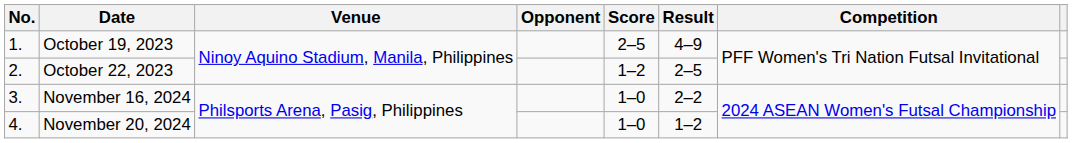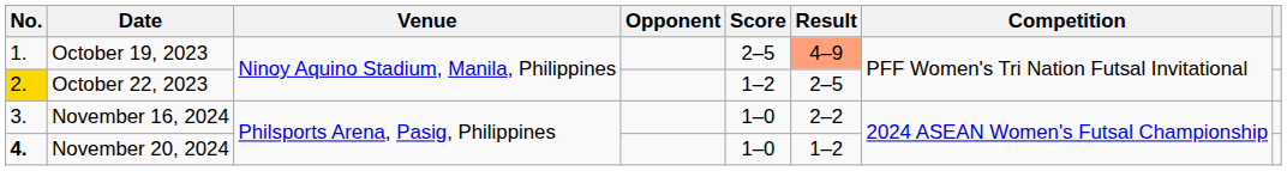 <table class="wikitable">
 <tr>
 <th>No.</th>
 <th>Date</th>
 <th>Venue</th>
 <th>Opponent</th>
 <th>Score</th>
 <th>Result</th>
 <th>Competition</th>
 <th class="unsortable"></th>
 </tr>
 <tr>
 <td>1.</td>
 <td>October 19, 2023</td>
 <td rowspan=2><a href='#'>Ninoy Aquino Stadium</a>, <a href='#'>Manila</a>, Philippines</td>
 <td></td>
 <td align=center>2–5</td>
-<td align=center>4–9</td>
+<td align=center style="background: lightsalmon;">4–9</td>
 <td rowspan=2>PFF Women's Tri Nation Futsal Invitational</td>
 <td></td>
 </tr>
 <tr>
-<td>2.</td>
+<td style="background: gold;">2.</td>
 <td>October 22, 2023</td>
 <td></td>
 <td align=center>1–2</td>
 <td align=center>2–5</td>
 <td></td>
 </tr>
 <tr>
 <td>3.</td>
 <td>November 16, 2024</td>
 <td rowspan=2><a href='#'>Philsports Arena</a>, <a href='#'>Pasig</a>, Philippines</td>
 <td></td>
 <td align=center>1–0</td>
 <td align=center>2–2</td>
 <td rowspan=2><a href='#'>2024 ASEAN Women's Futsal Championship</a></td>
 <td></td>
 </tr>
 <tr>
-<td>4.</td>
+<td><strong>4.</strong></td>
 <td>November 20, 2024</td>
 <td></td>
 <td align=center>1–0</td>
 <td align=center>1–2</td>
 <td></td>
 </tr>
 </table>
